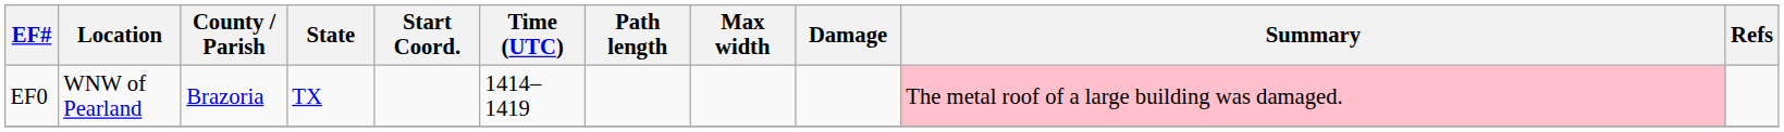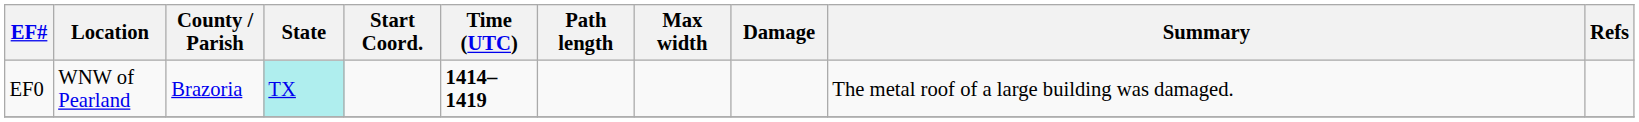 <table class="wikitable sortable" style="width:100%;">
 <tr>
 <th scope="col" width="3%" align="center"><a href='#'>EF#</a></th>
 <th scope="col" width="7%" align="center" class="unsortable">Location</th>
 <th scope="col" width="6%" align="center" class="unsortable">County / Parish</th>
 <th scope="col" width="5%" align="center">State</th>
 <th scope="col" width="6%" align="center">Start Coord.</th>
 <th scope="col" width="6%" align="center">Time (<a href='#'>UTC</a>)</th>
 <th scope="col" width="6%" align="center">Path length</th>
 <th scope="col" width="6%" align="center">Max width</th>
 <th scope="col" width="6%" align="center">Damage</th>
 <th scope="col" width="48%" class="unsortable" align="center">Summary</th>
 <th scope="col" width="48%" class="unsortable" align="center">Refs</th>
 </tr>
 <tr>
 <td>EF0</td>
 <td>WNW of <a href='#'>Pearland</a></td>
 <td><a href='#'>Brazoria</a></td>
-<td><a href='#'>TX</a></td>
+<td style="background: paleturquoise;"><a href='#'>TX</a></td>
 <td></td>
-<td>1414–1419</td>
+<td><strong>1414–1419</strong></td>
 <td></td>
 <td></td>
 <td></td>
-<td style="background: pink;">The metal roof of a large building was damaged.</td>
+<td>The metal roof of a large building was damaged.</td>
 <td></td>
 </tr>
 <tr>
 </tr>
 </table>
